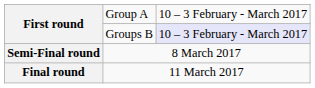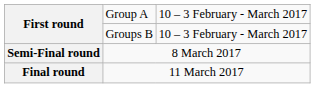 <table class="wikitable">
 <tr>
 <th rowspan="2">First round</th>
 <td>Group A</td>
 <td>10 – 3 February - March 2017</td>
 </tr>
 <tr>
 <td>Groups B</td>
-<td style="background: lavender;">10 – 3 February - March 2017</td>
+<td>10 – 3 February - March 2017</td>
 </tr>
 <tr>
 <th>Semi-Final round</th>
 <td colspan="2" align="center">8 March 2017</td>
 </tr>
 <tr>
 <th>Final round</th>
 <td colspan="2" align="center">11 March 2017</td>
 </tr>
 </table>
